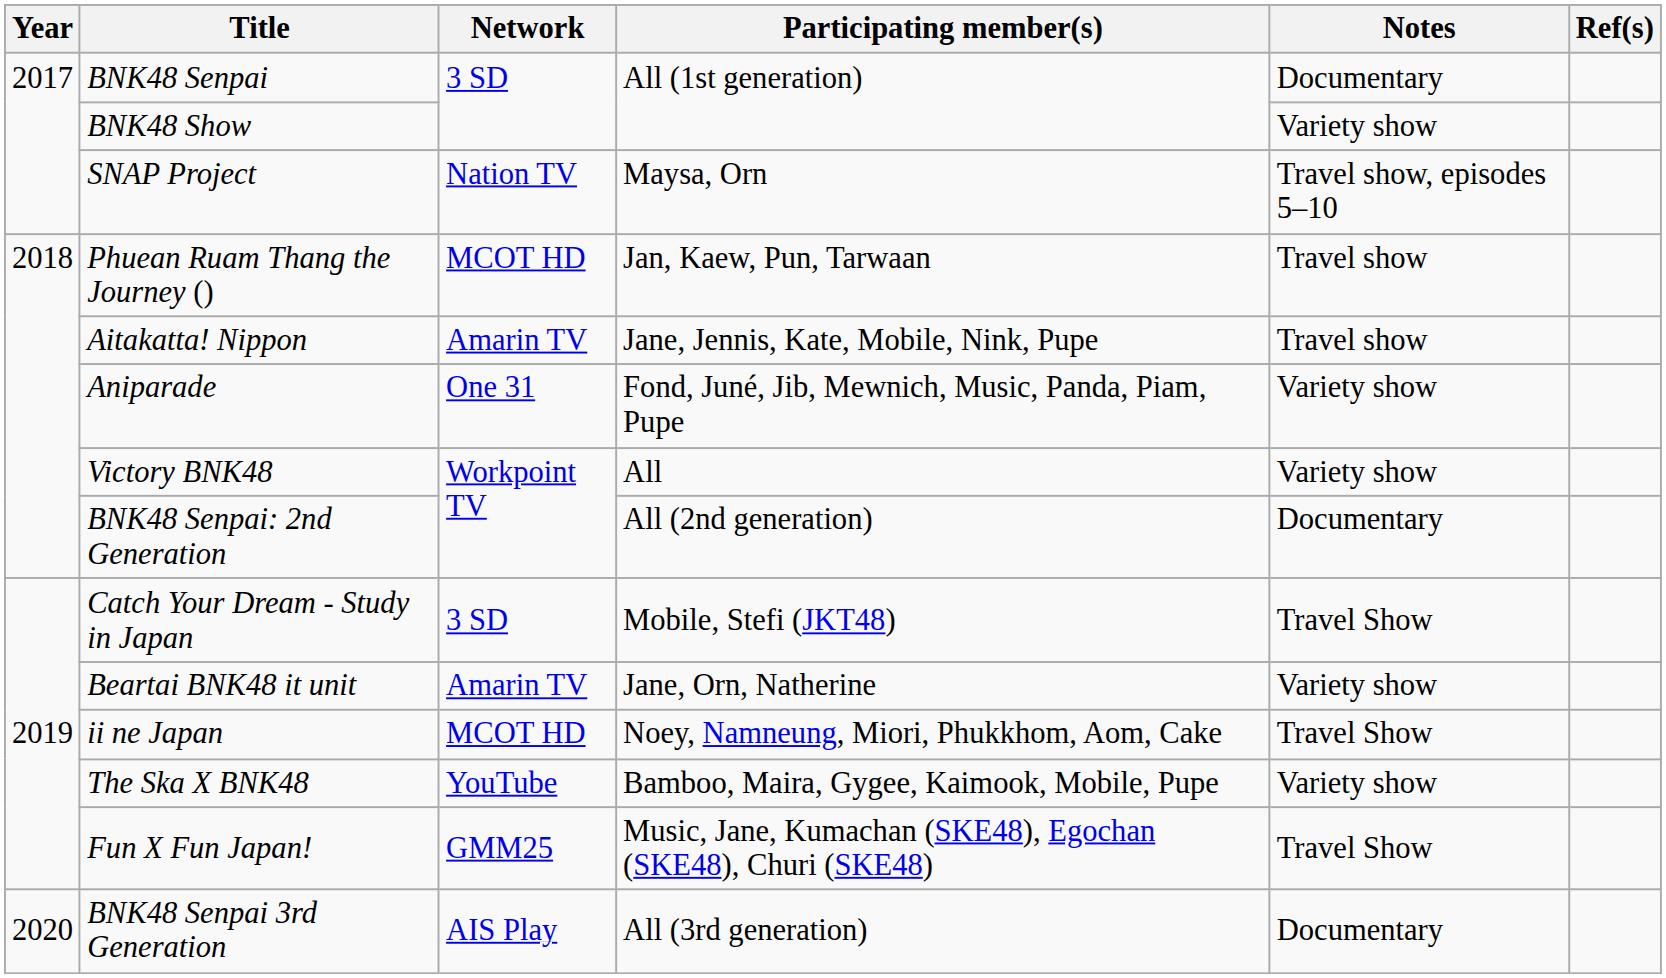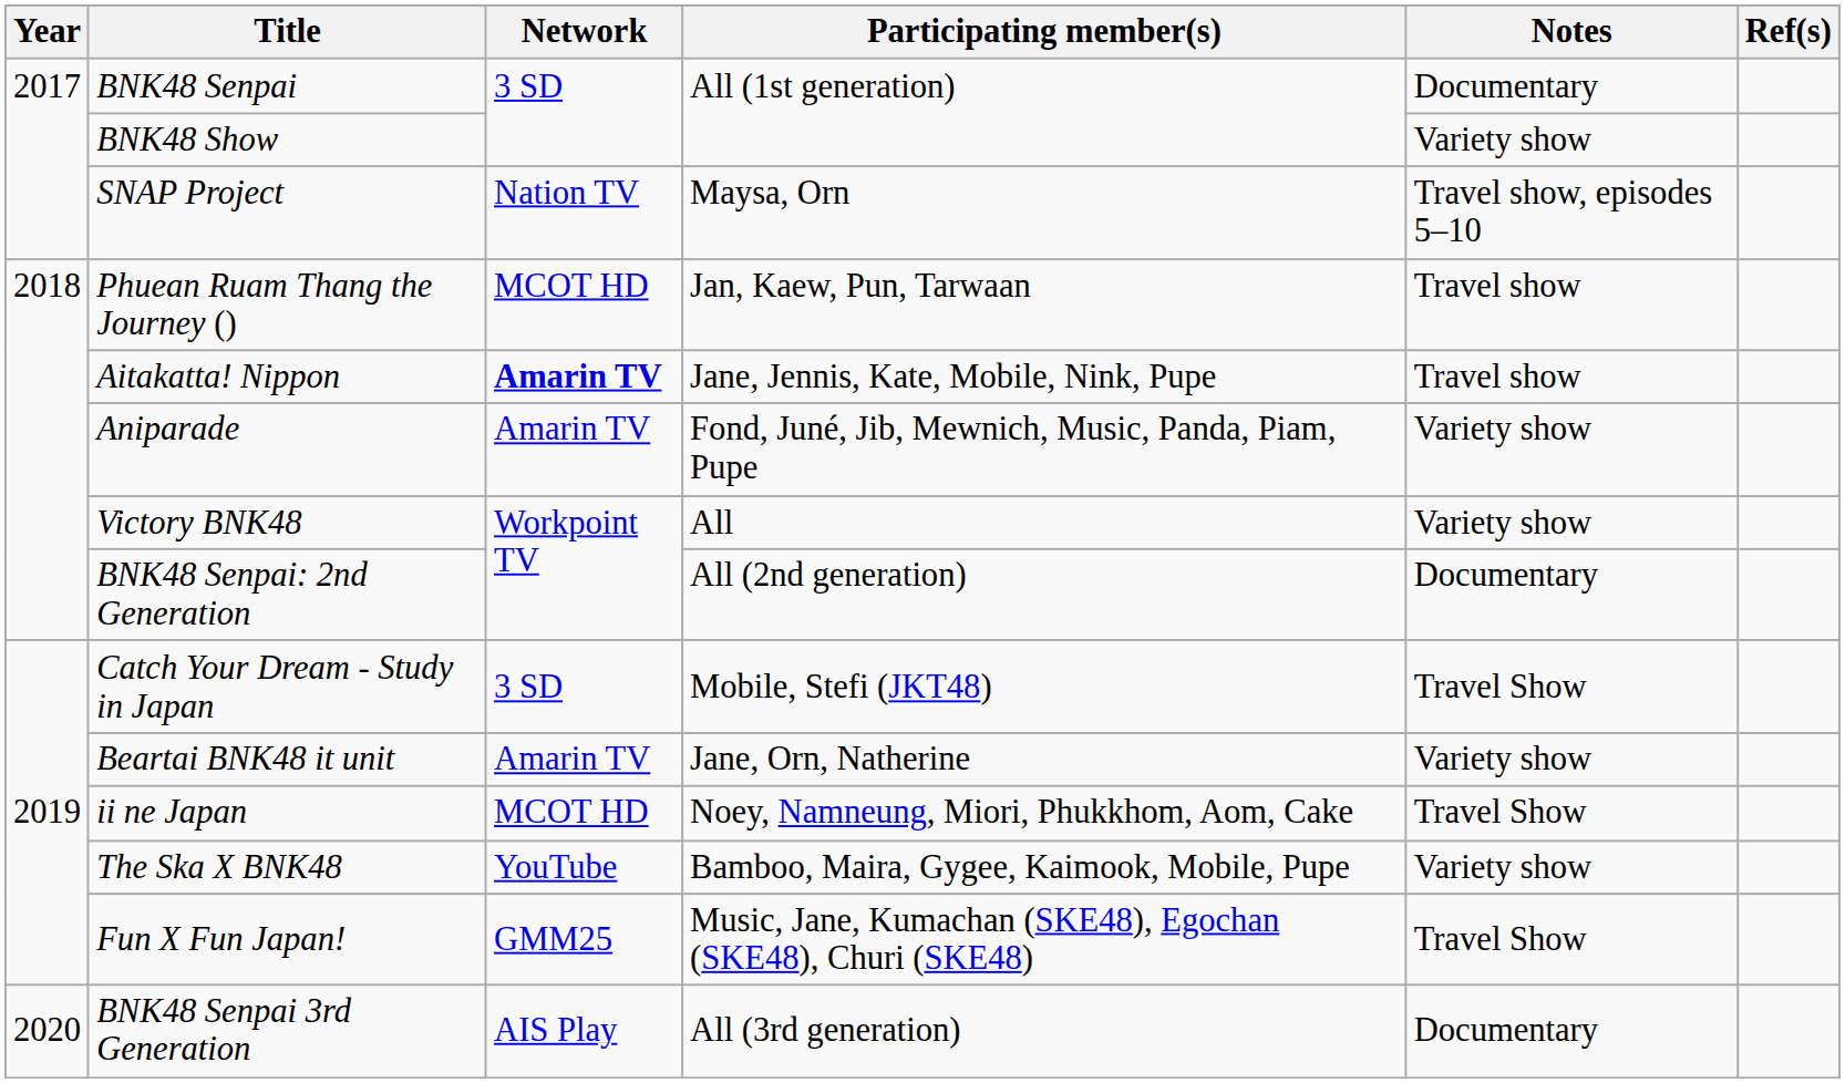 <table class="wikitable" style="text-align:left; ">
 <tr style="vertical-align:top;">
 <th>Year</th>
 <th>Title</th>
 <th>Network</th>
 <th>Participating member(s)</th>
 <th>Notes</th>
 <th>Ref(s)</th>
 </tr>
 <tr style="vertical-align:top;">
 <td rowspan=3>2017</td>
 <td><em>BNK48 Senpai</em></td>
 <td rowspan=2><a href='#'>3 SD</a></td>
 <td rowspan=2>All (1st generation)</td>
 <td>Documentary</td>
 <td></td>
 </tr>
 <tr style="vertical-align:top;">
 <td><em>BNK48 Show</em></td>
 <td>Variety show</td>
 <td></td>
 </tr>
 <tr style="vertical-align:top;">
 <td><em>SNAP Project</em> </td>
 <td><a href='#'>Nation TV</a></td>
 <td>Maysa, Orn</td>
 <td>Travel show, episodes 5–10</td>
 <td></td>
 </tr>
 <tr style="vertical-align:top;">
 <td rowspan=5>2018</td>
 <td><em>Phuean Ruam Thang the Journey</em> ()</td>
 <td><a href='#'>MCOT HD</a></td>
 <td>Jan, Kaew, Pun, Tarwaan</td>
 <td>Travel show</td>
 <td></td>
 </tr>
 <tr style="vertical-align:top;">
 <td><em>Aitakatta! Nippon</em></td>
-<td><a href='#'>Amarin TV</a></td>
+<td><strong><a href='#'>Amarin TV</a></strong></td>
 <td>Jane, Jennis, Kate, Mobile, Nink, Pupe</td>
 <td>Travel show</td>
 <td></td>
 </tr>
 <tr style="vertical-align:top;">
 <td><em>Aniparade</em></td>
-<td><a href='#'>One 31</a></td>
+<td><a href='#'>Amarin TV</a></td>
 <td>Fond, Juné, Jib, Mewnich, Music, Panda, Piam, Pupe</td>
 <td>Variety show</td>
 <td></td>
 </tr>
 <tr style="vertical-align:top;">
 <td><em>Victory BNK48</em></td>
 <td rowspan=2><a href='#'>Workpoint TV</a></td>
 <td>All</td>
 <td>Variety show</td>
 <td></td>
 </tr>
 <tr style="vertical-align:top;">
 <td><em>BNK48 Senpai: 2nd Generation</em></td>
 <td>All (2nd generation)</td>
 <td>Documentary</td>
 <td></td>
 </tr>
 <tr>
 <td rowspan = "5">2019</td>
 <td><em>Catch Your Dream - Study in Japan</em></td>
 <td><a href='#'>3 SD</a></td>
 <td>Mobile, Stefi (<a href='#'>JKT48</a>)</td>
 <td>Travel Show</td>
 <td></td>
 </tr>
 <tr>
 <td><em>Beartai BNK48 it unit</em></td>
 <td><a href='#'>Amarin TV</a></td>
 <td>Jane, Orn, Natherine</td>
 <td>Variety show</td>
 <td></td>
 </tr>
 <tr>
 <td><em>ii ne Japan</em></td>
 <td><a href='#'>MCOT HD</a></td>
 <td>Noey, <a href='#'>Namneung</a>, Miori, Phukkhom, Aom, Cake</td>
 <td>Travel Show</td>
 <td></td>
 </tr>
 <tr>
 <td><em>The Ska X BNK48</em></td>
 <td><a href='#'>YouTube</a></td>
 <td>Bamboo, Maira, Gygee, Kaimook, Mobile, Pupe</td>
 <td>Variety show</td>
 <td></td>
 </tr>
 <tr>
 <td><em>Fun X Fun Japan!</em></td>
 <td><a href='#'>GMM25</a></td>
 <td>Music, Jane, Kumachan (<a href='#'>SKE48</a>), <a href='#'>Egochan</a> (<a href='#'>SKE48</a>), Churi (<a href='#'>SKE48</a>)</td>
 <td>Travel Show</td>
 <td></td>
 </tr>
 <tr>
 <td>2020</td>
 <td><em>BNK48 Senpai 3rd Generation</em></td>
 <td><a href='#'>AIS Play</a></td>
 <td>All (3rd generation)</td>
 <td>Documentary</td>
 <td></td>
 </tr>
 </table>
